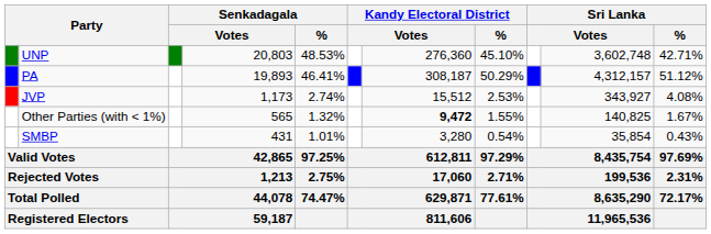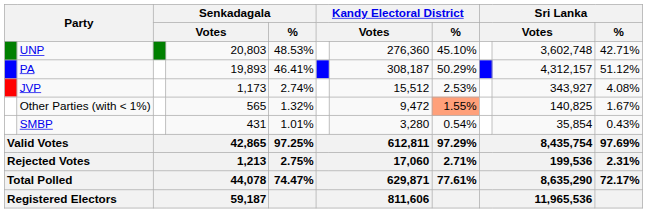 <table class="wikitable">
 <tr>
 <th colspan="2" width="144px"rowspan="2">Party</th>
 <th colspan="3" width="216px">Senkadagala</th>
 <th colspan="3" width="216px"><a href='#'>Kandy Electoral District</a></th>
 <th colspan="3" width="216px">Sri Lanka</th>
 </tr>
 <tr>
 <th colspan="2" width="144px">Votes</th>
 <th>%</th>
 <th colspan="2" width="144px">Votes</th>
 <th>%</th>
 <th colspan="2" width="144px">Votes</th>
 <th>%</th>
 </tr>
 <tr>
 <td style="background-color:green;" width="10px"></td>
 <td style="text-align:left;"><a href='#'>UNP</a></td>
 <td style="background-color:green;" width="10px"></td>
 <td style="text-align:right;">20,803</td>
 <td style="text-align:right;">48.53%</td>
 <td style="background-color:white;" width="10px"></td>
 <td style="text-align:right;">276,360</td>
 <td style="text-align:right;">45.10%</td>
 <td style="background-color:white;" width="10px"></td>
 <td style="text-align:right;">3,602,748</td>
 <td style="text-align:right;">42.71%</td>
 </tr>
 <tr>
 <td style="background-color:blue;" width="10px"></td>
 <td style="text-align:left;"><a href='#'>PA</a></td>
 <td style="background-color:white;" width="10px"></td>
 <td style="text-align:right;">19,893</td>
 <td style="text-align:right;">46.41%</td>
 <td style="background-color:blue;" width="10px"></td>
 <td style="text-align:right;">308,187</td>
 <td style="text-align:right;">50.29%</td>
 <td style="background-color:blue;" width="10px"></td>
 <td style="text-align:right;">4,312,157</td>
 <td style="text-align:right;">51.12%</td>
 </tr>
 <tr>
 <td style="background-color:red;" width="10px"></td>
 <td style="text-align:left;"><a href='#'>JVP</a></td>
 <td style="background-color:white;" width="10px"></td>
 <td style="text-align:right;">1,173</td>
 <td style="text-align:right;">2.74%</td>
 <td style="background-color:white;" width="10px"></td>
 <td style="text-align:right;">15,512</td>
 <td style="text-align:right;">2.53%</td>
 <td style="background-color:white;" width="10px"></td>
 <td style="text-align:right;">343,927</td>
 <td style="text-align:right;">4.08%</td>
 </tr>
 <tr>
 <td style="background-color:white;" width="10px"></td>
 <td style="text-align:left;">Other Parties (with < 1%)</td>
 <td style="background-color:white;" width="10px"></td>
 <td style="text-align:right;">565</td>
 <td style="text-align:right;">1.32%</td>
 <td style="background-color:white;" width="10px"></td>
-<td style="text-align:right;"><strong>9,472</strong></td>
-<td style="text-align:right;">1.55%</td>
+<td style="text-align:right;">9,472</td>
+<td style="background: lightsalmon; text-align:right;">1.55%</td>
 <td style="background-color:white;" width="10px"></td>
 <td style="text-align:right;">140,825</td>
 <td style="text-align:right;">1.67%</td>
 </tr>
 <tr>
 <td style="background-color:white;" width="10px"></td>
 <td style="text-align:left;"><a href='#'>SMBP</a></td>
 <td style="background-color:white;" width="10px"></td>
 <td style="text-align:right;">431</td>
 <td style="text-align:right;">1.01%</td>
 <td style="background-color:white;" width="10px"></td>
 <td style="text-align:right;">3,280</td>
 <td style="text-align:right;">0.54%</td>
 <td style="background-color:white;" width="10px"></td>
 <td style="text-align:right;">35,854</td>
 <td style="text-align:right;">0.43%</td>
 </tr>
 <tr>
 <th colspan="2" width="144px"style="text-align:left;">Valid Votes</th>
 <th style="text-align:right;"colspan="2" width="144px">42,865</th>
 <th style="text-align:right;">97.25%</th>
 <th style="text-align:right;"colspan="2" width="144px">612,811</th>
 <th style="text-align:right;">97.29%</th>
 <th style="text-align:right;"colspan="2" width="144px">8,435,754</th>
 <th style="text-align:right;">97.69%</th>
 </tr>
 <tr>
 <th colspan="2" width="144px"style="text-align:left;">Rejected Votes</th>
 <th style="text-align:right;"colspan="2" width="144px">1,213</th>
 <th style="text-align:right;">2.75%</th>
 <th style="text-align:right;"colspan="2" width="144px">17,060</th>
 <th style="text-align:right;">2.71%</th>
 <th style="text-align:right;"colspan="2" width="144px">199,536</th>
 <th style="text-align:right;">2.31%</th>
 </tr>
 <tr>
 <th colspan="2" width="144px"style="text-align:left;">Total Polled</th>
 <th style="text-align:right;"colspan="2" width="144px">44,078</th>
 <th style="text-align:right;">74.47%</th>
 <th style="text-align:right;"colspan="2" width="144px">629,871</th>
 <th style="text-align:right;">77.61%</th>
 <th style="text-align:right;"colspan="2" width="144px">8,635,290</th>
 <th style="text-align:right;">72.17%</th>
 </tr>
 <tr>
 <th colspan="2" width="144px"style="text-align:left;">Registered Electors</th>
 <th style="text-align:right;"colspan="2" width="144px">59,187</th>
 <th></th>
 <th style="text-align:right;"colspan="2" width="144px">811,606</th>
 <th></th>
 <th style="text-align:right;"colspan="2" width="144px">11,965,536</th>
 <th></th>
 </tr>
 </table>
